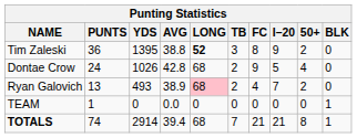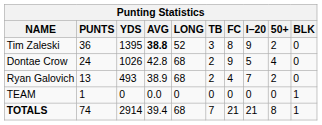 <table class="wikitable sortable collapsible collapsed">
 <tr>
 <th colspan="12">Punting Statistics</th>
 </tr>
 <tr>
 <th>NAME</th>
 <th>PUNTS</th>
 <th>YDS</th>
 <th>AVG</th>
 <th>LONG</th>
 <th>TB</th>
 <th>FC</th>
 <th>I–20</th>
 <th>50+</th>
 <th>BLK</th>
 </tr>
 <tr>
 <td>Tim Zaleski</td>
 <td>36</td>
 <td>1395</td>
-<td>38.8</td>
-<td><strong>52</strong></td>
+<td><strong>38.8</strong></td>
+<td>52</td>
 <td>3</td>
 <td>8</td>
 <td>9</td>
 <td>2</td>
 <td>0</td>
 </tr>
 <tr>
 <td>Dontae Crow</td>
 <td>24</td>
 <td>1026</td>
 <td>42.8</td>
 <td>68</td>
 <td>2</td>
 <td>9</td>
 <td>5</td>
 <td>4</td>
 <td>0</td>
 </tr>
 <tr>
 <td>Ryan Galovich</td>
 <td>13</td>
 <td>493</td>
 <td>38.9</td>
-<td style="background: pink;">68</td>
+<td>68</td>
 <td>2</td>
 <td>4</td>
 <td>7</td>
 <td>2</td>
 <td>0</td>
 </tr>
 <tr>
 <td>TEAM</td>
 <td>1</td>
 <td>0</td>
 <td>0.0</td>
 <td>0</td>
 <td>0</td>
 <td>0</td>
 <td>0</td>
 <td>0</td>
 <td>1</td>
 </tr>
 <tr>
 <td><strong>TOTALS</strong></td>
 <td>74</td>
 <td>2914</td>
 <td>39.4</td>
 <td>68</td>
 <td>7</td>
 <td>21</td>
 <td>21</td>
 <td>8</td>
 <td>1</td>
 </tr>
 </table>
